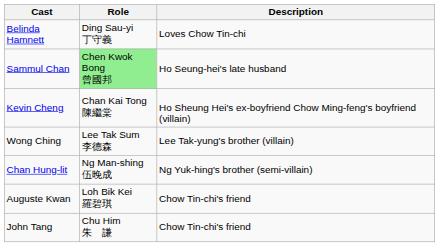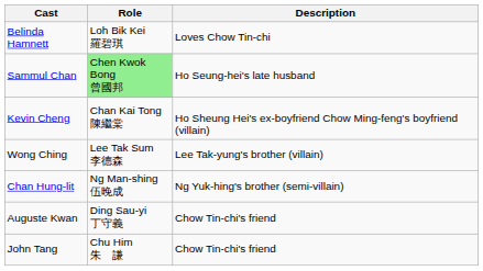 <table class="wikitable" width="55%">
 <tr>
 <th>Cast</th>
 <th>Role</th>
 <th>Description</th>
 </tr>
 <tr>
 <td><a href='#'>Belinda Hamnett</a></td>
-<td>Ding Sau-yi<br>丁守義</td>
+<td>Loh Bik Kei<br>羅碧琪</td>
 <td>Loves Chow Tin-chi</td>
 </tr>
 <tr>
 <td><a href='#'>Sammul Chan</a></td>
 <td style="background: lightgreen;">Chen Kwok Bong<br>曾國邦</td>
 <td>Ho Seung-hei's late husband</td>
 </tr>
 <tr>
 <td><a href='#'>Kevin Cheng</a></td>
 <td>Chan Kai Tong<br>陳繼棠</td>
 <td><br>Ho Sheung Hei's ex-boyfriend Chow Ming-feng's boyfriend (villain)</td>
 </tr>
 <tr>
 <td>Wong Ching</td>
 <td>Lee Tak Sum<br>李德森</td>
 <td>Lee Tak-yung's brother (villain)</td>
 </tr>
 <tr>
 <td><a href='#'>Chan Hung-lit</a></td>
 <td>Ng Man-shing<br>伍晚成</td>
 <td>Ng Yuk-hing's brother (semi-villain)</td>
 </tr>
 <tr>
 <td>Auguste Kwan</td>
-<td>Loh Bik Kei<br>羅碧琪</td>
+<td>Ding Sau-yi<br>丁守義</td>
 <td>Chow Tin-chi's friend</td>
 </tr>
 <tr>
 <td>John Tang</td>
 <td>Chu Him<br>朱　謙</td>
 <td>Chow Tin-chi's friend</td>
 </tr>
 </table>
